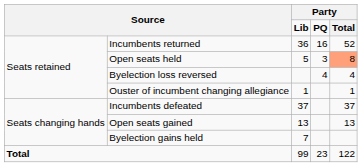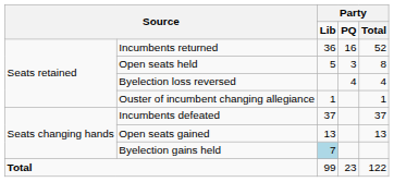 <table class="wikitable" style="text-align:right;">
 <tr>
 <th colspan="2" rowspan="2">Source</th>
 <th colspan="6">Party</th>
 </tr>
 <tr>
 <td><strong>Lib</strong></td>
 <td><strong>PQ</strong></td>
 <th>Total</th>
 </tr>
 <tr>
 <td rowspan="4" style="text-align:left;">Seats retained</td>
 <td style="text-align:left;">Incumbents returned</td>
 <td>36</td>
 <td>16</td>
 <td>52</td>
 </tr>
 <tr>
 <td style="text-align:left;">Open seats held</td>
 <td>5</td>
 <td>3</td>
-<td style="background: lightsalmon;">8</td>
+<td>8</td>
 </tr>
 <tr>
 <td style="text-align:left;">Byelection loss reversed</td>
 <td></td>
 <td>4</td>
 <td>4</td>
 </tr>
 <tr>
 <td style="text-align:left;">Ouster of incumbent changing allegiance</td>
 <td>1</td>
 <td></td>
 <td>1</td>
 </tr>
 <tr>
 <td rowspan="3" style="text-align:left;">Seats changing hands</td>
 <td style="text-align:left;">Incumbents defeated</td>
 <td>37</td>
 <td></td>
 <td>37</td>
 </tr>
 <tr>
 <td style="text-align:left;">Open seats gained</td>
 <td>13</td>
 <td></td>
 <td>13</td>
 </tr>
 <tr>
 <td style="text-align:left;">Byelection gains held</td>
-<td>7</td>
+<td style="background: lightblue;">7</td>
 <td></td>
 <td></td>
 </tr>
 <tr>
 <td colspan="2" style="text-align:left;"><strong>Total</strong></td>
 <td>99</td>
 <td>23</td>
 <td>122</td>
 </tr>
 </table>
